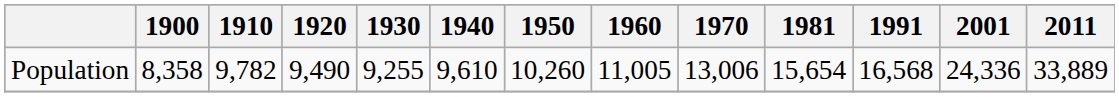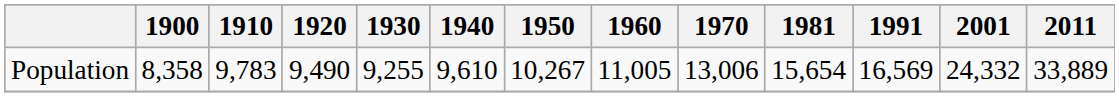 <table class="wikitable">
 <tr>
 <th></th>
 <th>1900</th>
 <th>1910</th>
 <th>1920</th>
 <th>1930</th>
 <th>1940</th>
 <th>1950</th>
 <th>1960</th>
 <th>1970</th>
 <th>1981</th>
 <th>1991</th>
 <th>2001</th>
 <th>2011</th>
 </tr>
 <tr>
 <td>Population</td>
 <td>8,358</td>
-<td>9,782</td>
+<td>9,783</td>
 <td>9,490</td>
 <td>9,255</td>
 <td>9,610</td>
-<td>10,260</td>
+<td>10,267</td>
 <td>11,005</td>
 <td>13,006</td>
 <td>15,654</td>
-<td>16,568</td>
-<td>24,336</td>
+<td>16,569</td>
+<td>24,332</td>
 <td>33,889</td>
 </tr>
 <tr>
 </tr>
 </table>
